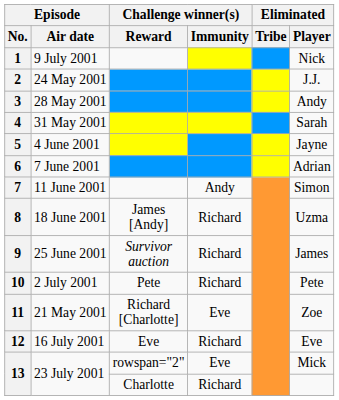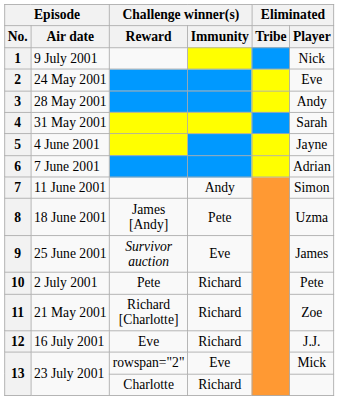 <table class="wikitable nowrap" style="margin:auto; text-align:center">
 <tr>
 <th colspan="2">Episode</th>
 <th colspan="2">Challenge winner(s)</th>
 <th colspan="2">Eliminated</th>
 </tr>
 <tr>
 <th>No.</th>
 <th>Air date</th>
 <th>Reward</th>
 <th>Immunity</th>
 <th>Tribe</th>
 <th>Player</th>
 </tr>
 <tr>
 <th>1</th>
 <td align="left">9 July 2001</td>
 <td></td>
 <td bgcolor="yellow"></td>
 <td bgcolor=#0099ff></td>
 <td>Nick</td>
 </tr>
 <tr>
 <th>2</th>
 <td align="left">24 May 2001</td>
 <td bgcolor=#0099ff></td>
 <td bgcolor=#0099ff></td>
 <td bgcolor="yellow"></td>
-<td>J.J.</td>
+<td>Eve</td>
 </tr>
 <tr>
 <th>3</th>
 <td align="left">28 May 2001</td>
 <td bgcolor=#0099ff></td>
 <td bgcolor=#0099ff></td>
 <td bgcolor="yellow"></td>
 <td>Andy</td>
 </tr>
 <tr>
 <th>4</th>
 <td align="left">31 May 2001</td>
 <td bgcolor="yellow"></td>
 <td bgcolor="yellow"></td>
 <td bgcolor=#0099ff></td>
 <td>Sarah</td>
 </tr>
 <tr>
 <th>5</th>
 <td align="left">4 June 2001</td>
 <td bgcolor="yellow"></td>
 <td bgcolor=#0099ff></td>
 <td bgcolor="yellow"></td>
 <td>Jayne</td>
 </tr>
 <tr>
 <th>6</th>
 <td align="left">7 June 2001</td>
 <td bgcolor=#0099ff></td>
 <td bgcolor=#0099ff></td>
 <td bgcolor="yellow"></td>
 <td>Adrian</td>
 </tr>
 <tr>
 <th>7</th>
 <td align="left">11 June 2001</td>
 <td></td>
 <td>Andy</td>
 <td rowspan=8 bgcolor="#ff9933"></td>
 <td>Simon</td>
 </tr>
 <tr>
 <th>8</th>
 <td align="left">18 June 2001</td>
 <td>James<br>[Andy]</td>
-<td>Richard</td>
+<td>Pete</td>
 <td>Uzma</td>
 </tr>
 <tr>
 <th>9</th>
 <td align="left">25 June 2001</td>
 <td><em>Survivor<br>auction</em></td>
-<td>Richard</td>
+<td>Eve</td>
 <td>James</td>
 </tr>
 <tr>
 <th>10</th>
 <td align="left">2 July 2001</td>
 <td>Pete</td>
 <td>Richard</td>
 <td>Pete</td>
 </tr>
 <tr>
 <th>11</th>
 <td align="left">21 May 2001</td>
 <td>Richard<br>[Charlotte]</td>
-<td>Eve</td>
+<td>Richard</td>
 <td>Zoe</td>
 </tr>
 <tr>
 <th>12</th>
 <td align="left">16 July 2001</td>
 <td>Eve</td>
 <td>Richard</td>
-<td>Eve</td>
+<td>J.J.</td>
 </tr>
 <tr>
 <th rowspan="2">13</th>
 <td rowspan="2" align="left">23 July 2001</td>
 <td>rowspan="2" </td>
 <td>Eve</td>
 <td>Mick</td>
 </tr>
 <tr>
 <td>Charlotte</td>
 <td>Richard</td>
 </tr>
 </table>
